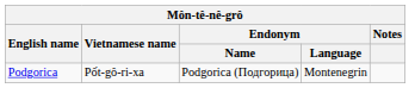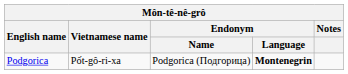 <table class="wikitable sortable">
 <tr>
 <th colspan="5"> Môn-tê-nê-grô</th>
 </tr>
 <tr>
 <th rowspan="2">English name</th>
 <th rowspan="2">Vietnamese name</th>
 <th colspan="2">Endonym</th>
 <th>Notes</th>
 </tr>
 <tr>
 <th>Name</th>
 <th>Language</th>
 <th></th>
 </tr>
 <tr>
 <td><a href='#'>Podgorica</a></td>
 <td>Pốt-gô-ri-xa</td>
 <td>Podgorica (Подгорица)</td>
-<td>Montenegrin</td>
+<td><strong>Montenegrin</strong></td>
 <td></td>
 </tr>
 </table>
